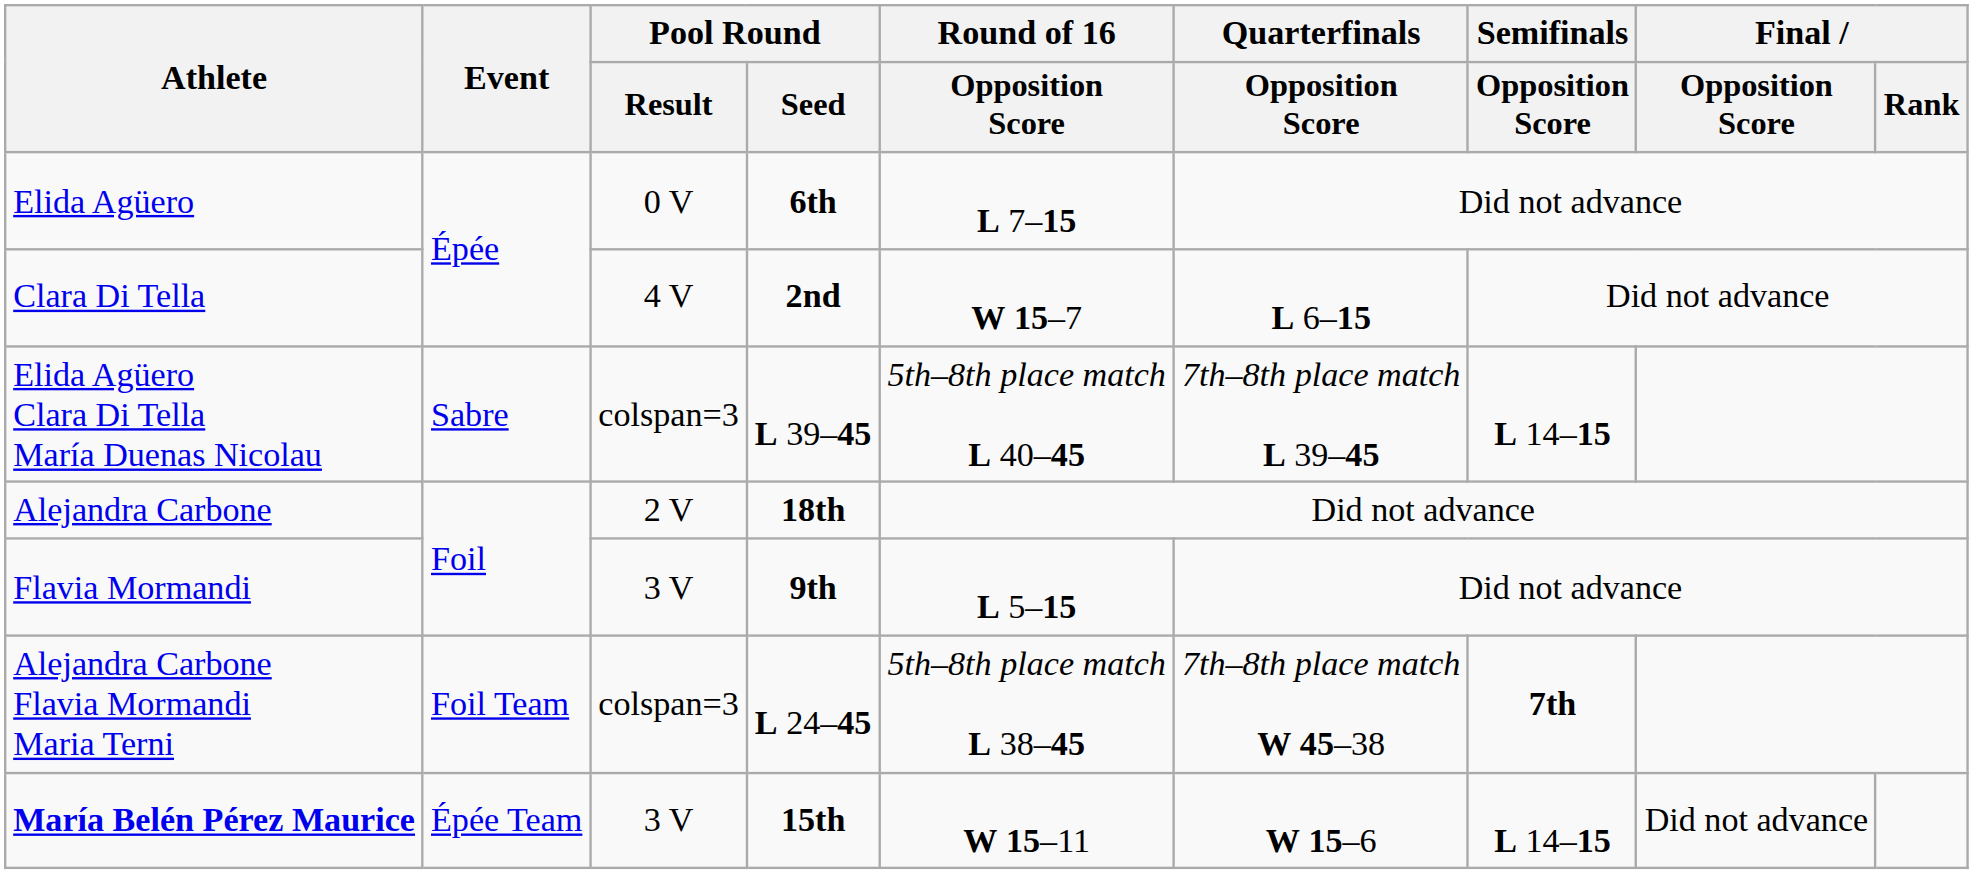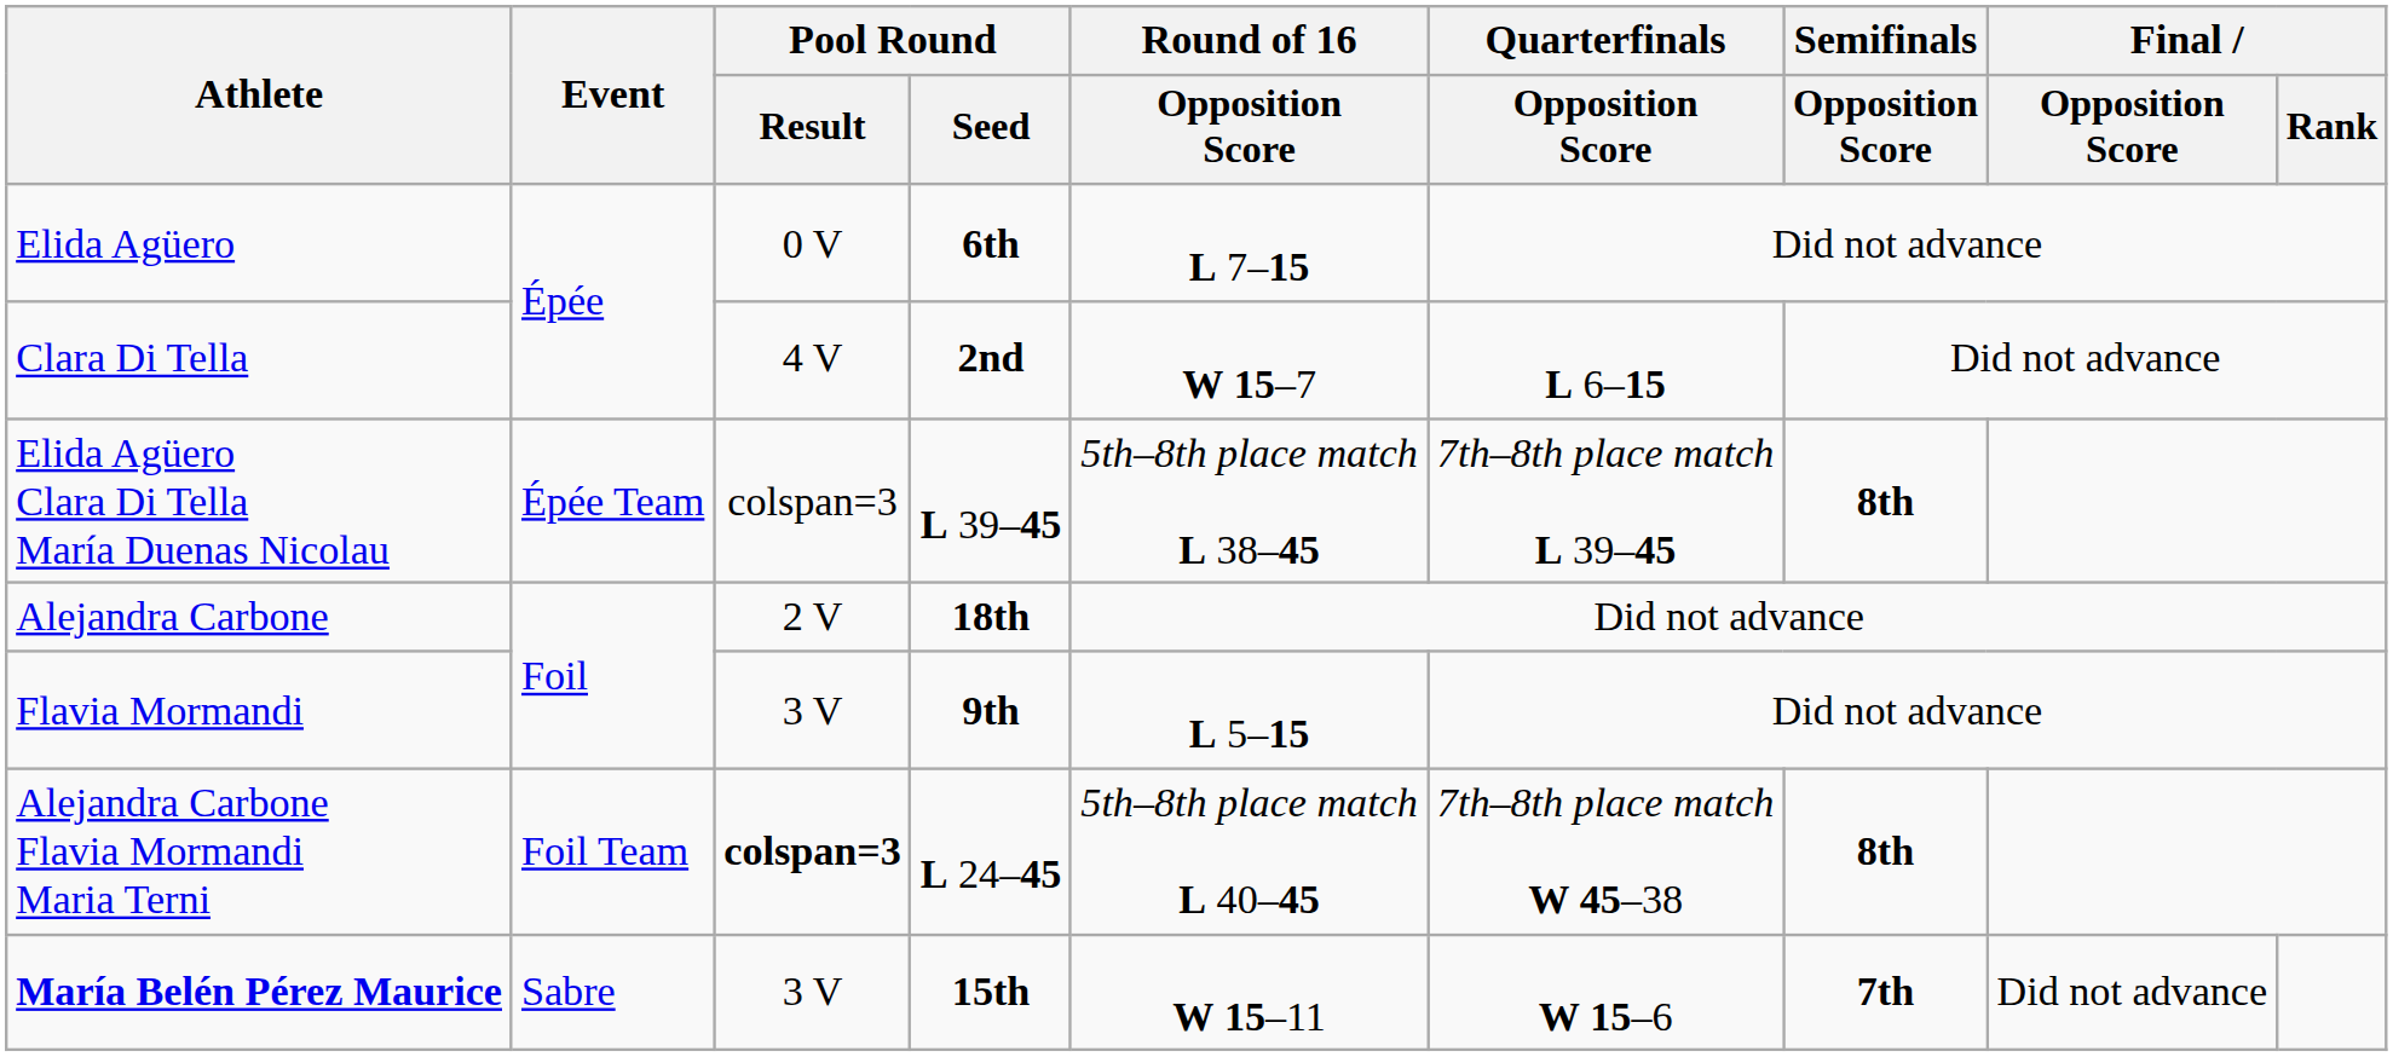 <table class=wikitable style="font-size:90%">
 <tr>
 <th rowspan="2">Athlete</th>
 <th rowspan="2">Event</th>
 <th colspan=2>Pool Round</th>
 <th>Round of 16</th>
 <th>Quarterfinals</th>
 <th>Semifinals</th>
 <th colspan=2>Final / </th>
 </tr>
 <tr style="font-size:95%">
 <th>Result</th>
 <th>Seed</th>
 <th>Opposition<br>Score</th>
 <th>Opposition<br>Score</th>
 <th>Opposition<br>Score</th>
 <th>Opposition<br>Score</th>
 <th>Rank</th>
 </tr>
 <tr align=center>
 <td align=left><a href='#'>Elida Agüero</a></td>
 <td align=left rowspan=2><a href='#'>Épée</a></td>
 <td>0 V</td>
 <td><strong>6th</strong></td>
 <td><br><strong>L</strong> 7–<strong>15</strong></td>
 <td colspan=4>Did not advance</td>
 </tr>
 <tr align=center>
 <td align=left><a href='#'>Clara Di Tella</a></td>
 <td>4 V</td>
 <td><strong>2nd</strong></td>
 <td><br><strong>W</strong> <strong>15</strong>–7</td>
 <td><br><strong>L</strong> 6–<strong>15</strong></td>
 <td colspan=3>Did not advance</td>
 </tr>
 <tr align=center>
 <td align=left><a href='#'>Elida Agüero</a><br><a href='#'>Clara Di Tella</a><br><a href='#'>María Duenas Nicolau</a></td>
-<td align=left><a href='#'>Sabre</a></td>
+<td align=left><a href='#'>Épée Team</a></td>
 <td>colspan=3 </td>
 <td><br><strong>L</strong> 39–<strong>45</strong></td>
-<td align=center><em>5th–8th place match</em><br><br><strong>L</strong> 40–<strong>45</strong></td>
+<td align=center><em>5th–8th place match</em><br><br><strong>L</strong> 38–<strong>45</strong></td>
 <td align=center><em>7th–8th place match</em><br><br><strong>L</strong> 39–<strong>45</strong></td>
-<td><br><strong>L</strong> 14–<strong>15</strong></td>
+<td align=center><strong>8th</strong></td>
 </tr>
 <tr align=center>
 <td align=left><a href='#'>Alejandra Carbone</a></td>
 <td align=left rowspan=2><a href='#'>Foil</a></td>
 <td>2 V</td>
 <td><strong>18th</strong></td>
 <td colspan=5>Did not advance</td>
 </tr>
 <tr align=center>
 <td align=left><a href='#'>Flavia Mormandi</a></td>
 <td>3 V</td>
 <td><strong>9th</strong></td>
 <td><br><strong>L</strong> 5–<strong>15</strong></td>
 <td colspan=4>Did not advance</td>
 </tr>
 <tr align=center>
 <td align=left><a href='#'>Alejandra Carbone</a><br><a href='#'>Flavia Mormandi</a><br><a href='#'>Maria Terni</a></td>
 <td align=left><a href='#'>Foil Team</a></td>
-<td>colspan=3 </td>
+<td><strong>colspan=3 </strong></td>
 <td><br><strong>L</strong> 24–<strong>45</strong></td>
-<td align=center><em>5th–8th place match</em><br><br><strong>L</strong> 38–<strong>45</strong></td>
+<td align=center><em>5th–8th place match</em><br><br><strong>L</strong> 40–<strong>45</strong></td>
 <td align=center><em>7th–8th place match</em><br><br><strong>W</strong> <strong>45</strong>–38</td>
-<td><strong>7th</strong></td>
+<td align=center><strong>8th</strong></td>
 </tr>
 <tr align=center>
 <td align=left><strong><a href='#'>María Belén Pérez Maurice</a></strong></td>
-<td align=left><a href='#'>Épée Team</a></td>
+<td align=left><a href='#'>Sabre</a></td>
 <td>3 V</td>
 <td><strong>15th</strong></td>
 <td><br><strong>W</strong> <strong>15</strong>–11</td>
 <td><br><strong>W</strong> <strong>15</strong>–6</td>
-<td><br><strong>L</strong> 14–<strong>15</strong></td>
+<td><strong>7th</strong></td>
 <td>Did not advance</td>
 <td></td>
 </tr>
 </table>
